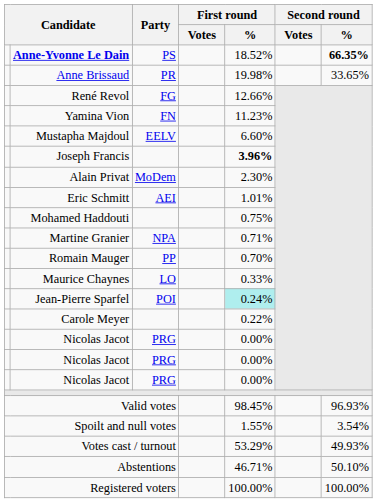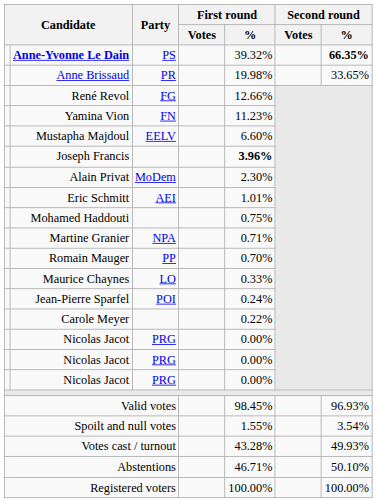 <table class="wikitable" style="text-align:right;font-size:95%;">
 <tr>
 <th rowspan=2 colspan=2>Candidate</th>
 <th rowspan=2 colspan=1>Party</th>
 <th colspan=2>First round</th>
 <th colspan=2>Second round</th>
 </tr>
 <tr>
 <th style="width:50px;">Votes</th>
 <th style="width:55px;">%</th>
 <th style="width:50px;">Votes</th>
 <th style="width:55px;">%</th>
 </tr>
 <tr>
 <td style="color:inherit;background-color:"></td>
 <td><strong><a href='#'>Anne-Yvonne Le Dain</a></strong></td>
 <td><a href='#'>PS</a></td>
 <td></td>
-<td>18.52%</td>
+<td>39.32%</td>
 <td><strong></strong></td>
 <td><strong>66.35%</strong></td>
 </tr>
 <tr>
 <td style="color:inherit;background-color:"></td>
 <td><a href='#'>Anne Brissaud</a></td>
 <td><a href='#'>PR</a></td>
 <td></td>
 <td>19.98%</td>
 <td></td>
 <td>33.65%</td>
 </tr>
 <tr>
 <td style="color:inherit;background-color:"></td>
 <td>René Revol</td>
 <td><a href='#'>FG</a></td>
 <td></td>
 <td>12.66%</td>
 <td colspan=7 rowspan=15 style="background-color:#E9E9E9;"></td>
 </tr>
 <tr>
 <td style="color:inherit;background-color:"></td>
 <td>Yamina Vion</td>
 <td><a href='#'>FN</a></td>
 <td></td>
 <td>11.23%</td>
 </tr>
 <tr>
 <td style="color:inherit;background-color:"></td>
 <td>Mustapha Majdoul</td>
 <td><a href='#'>EELV</a></td>
 <td></td>
 <td>6.60%</td>
 </tr>
 <tr>
 <td style="background-color:;"></td>
 <td>Joseph Francis</td>
 <td></td>
 <td></td>
 <td><strong>3.96%</strong></td>
 </tr>
 <tr>
 <td style="color:inherit;background-color:"></td>
 <td>Alain Privat</td>
 <td><a href='#'>MoDem</a></td>
 <td></td>
 <td>2.30%</td>
 </tr>
 <tr>
 <td style="color:inherit;background-color:"></td>
 <td>Eric Schmitt</td>
 <td><a href='#'>AEI</a></td>
 <td></td>
 <td>1.01%</td>
 </tr>
 <tr>
 <td style="background-color:;"></td>
 <td>Mohamed Haddouti</td>
 <td></td>
 <td></td>
 <td>0.75%</td>
 </tr>
 <tr>
 <td style="color:inherit;background-color:"></td>
 <td>Martine Granier</td>
 <td><a href='#'>NPA</a></td>
 <td></td>
 <td>0.71%</td>
 </tr>
 <tr>
 <td style="color:inherit;background-color:"></td>
 <td>Romain Mauger</td>
 <td><a href='#'>PP</a></td>
 <td></td>
 <td>0.70%</td>
 </tr>
 <tr>
 <td style="color:inherit;background-color:"></td>
 <td>Maurice Chaynes</td>
 <td><a href='#'>LO</a></td>
 <td></td>
 <td>0.33%</td>
 </tr>
 <tr>
 <td style="color:inherit;background-color:"></td>
 <td>Jean-Pierre Sparfel</td>
 <td><a href='#'>POI</a></td>
 <td></td>
-<td style="background: paleturquoise;">0.24%</td>
+<td>0.24%</td>
 </tr>
 <tr>
 <td style="background-color:;"></td>
 <td>Carole Meyer</td>
 <td></td>
 <td></td>
 <td>0.22%</td>
 </tr>
 <tr>
 <td style="color:inherit;background-color:"></td>
 <td>Nicolas Jacot</td>
 <td><a href='#'>PRG</a></td>
 <td></td>
 <td>0.00%</td>
 </tr>
 <tr>
 <td style="color:inherit;background-color:"></td>
 <td>Nicolas Jacot</td>
 <td><a href='#'>PRG</a></td>
 <td></td>
 <td>0.00%</td>
 </tr>
 <tr>
 <td style="color:inherit;background-color:"></td>
 <td>Nicolas Jacot</td>
 <td><a href='#'>PRG</a></td>
 <td></td>
 <td>0.00%</td>
 </tr>
 <tr>
 <td colspan=7 style="background-color:#E9E9E9;"></td>
 </tr>
 <tr>
 <td colspan=3>Valid votes</td>
 <td></td>
 <td>98.45%</td>
 <td></td>
 <td>96.93%</td>
 </tr>
 <tr>
 <td colspan=3>Spoilt and null votes</td>
 <td></td>
 <td>1.55%</td>
 <td></td>
 <td>3.54%</td>
 </tr>
 <tr>
 <td colspan=3>Votes cast / turnout</td>
 <td></td>
-<td>53.29%</td>
+<td>43.28%</td>
 <td></td>
 <td>49.93%</td>
 </tr>
 <tr>
 <td colspan=3>Abstentions</td>
 <td></td>
 <td>46.71%</td>
 <td></td>
 <td>50.10%</td>
 </tr>
 <tr>
 <td colspan=3>Registered voters</td>
 <td></td>
 <td>100.00%</td>
 <td></td>
 <td>100.00%</td>
 </tr>
 </table>
